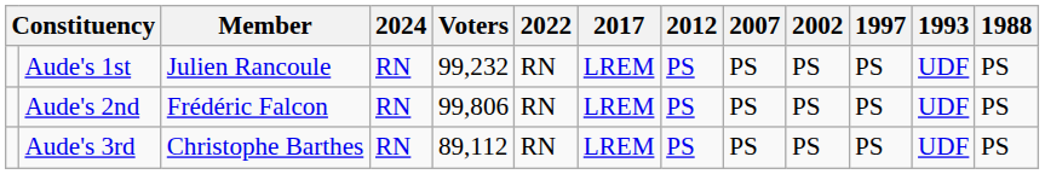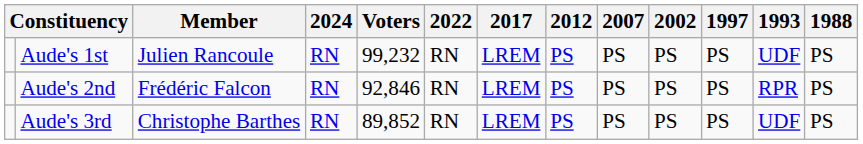 <table class="wikitable sortable">
 <tr>
 <th colspan="2">Constituency</th>
 <th>Member</th>
 <th>2024</th>
 <th>Voters</th>
 <th>2022</th>
 <th>2017</th>
 <th>2012</th>
 <th>2007</th>
 <th>2002</th>
 <th>1997</th>
 <th>1993</th>
 <th>1988</th>
 </tr>
 <tr>
 <td style="background-color: "></td>
 <td><a href='#'>Aude's 1st</a></td>
 <td><a href='#'>Julien Rancoule</a></td>
 <td><a href='#'>RN</a></td>
 <td>99,232</td>
 <td>RN</td>
 <td><a href='#'>LREM</a></td>
 <td bgcolor=><a href='#'>PS</a></td>
 <td bgcolor=>PS</td>
 <td bgcolor=>PS</td>
 <td bgcolor=>PS</td>
 <td bgcolor=><a href='#'>UDF</a></td>
 <td bgcolor=>PS</td>
 </tr>
 <tr>
 <td style="background-color: "></td>
 <td><a href='#'>Aude's 2nd</a></td>
 <td><a href='#'>Frédéric Falcon</a></td>
 <td><a href='#'>RN</a></td>
-<td>99,806</td>
+<td>92,846</td>
 <td>RN</td>
 <td><a href='#'>LREM</a></td>
 <td bgcolor=><a href='#'>PS</a></td>
 <td bgcolor=>PS</td>
 <td bgcolor=>PS</td>
 <td bgcolor=>PS</td>
-<td bgcolor=><a href='#'>UDF</a></td>
+<td bgcolor=><a href='#'>RPR</a></td>
 <td bgcolor=>PS</td>
 </tr>
 <tr>
 <td style="background-color: "></td>
 <td><a href='#'>Aude's 3rd</a></td>
 <td><a href='#'>Christophe Barthes</a></td>
 <td><a href='#'>RN</a></td>
-<td>89,112</td>
+<td>89,852</td>
 <td>RN</td>
 <td><a href='#'>LREM</a></td>
 <td bgcolor=><a href='#'>PS</a></td>
 <td bgcolor=>PS</td>
 <td bgcolor=>PS</td>
 <td bgcolor=>PS</td>
 <td bgcolor=><a href='#'>UDF</a></td>
 <td bgcolor=>PS</td>
 </tr>
 </table>
